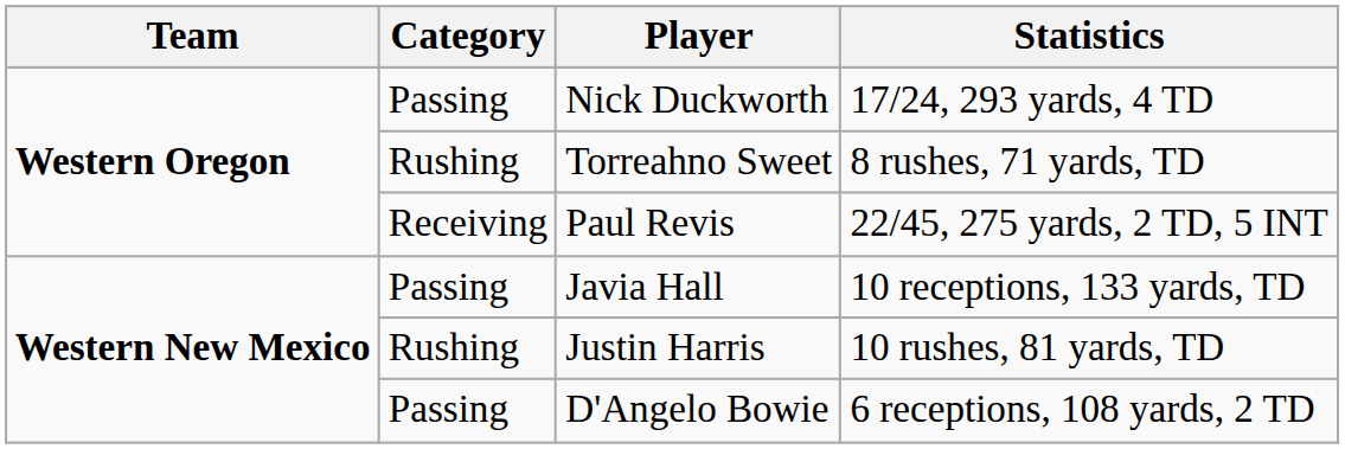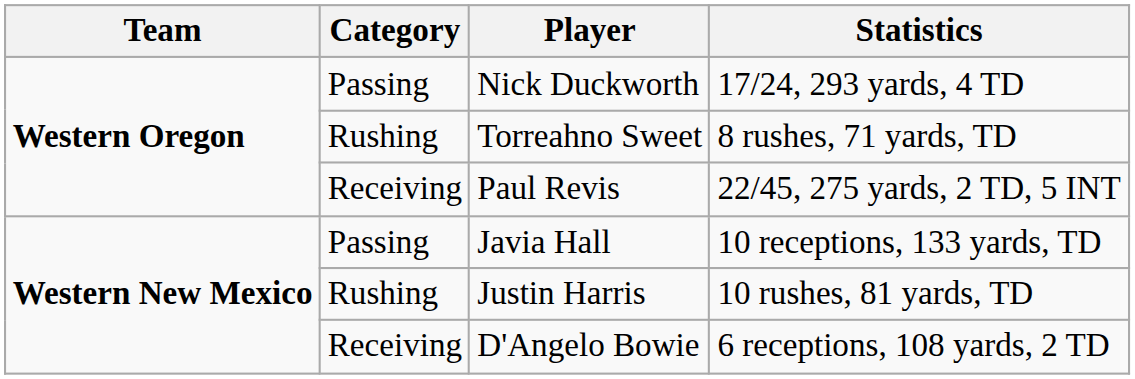 <table class="wikitable" style="float: left;">
 <tr>
 <th>Team</th>
 <th>Category</th>
 <th>Player</th>
 <th>Statistics</th>
 </tr>
 <tr>
 <td rowspan=3><strong>Western Oregon</strong></td>
 <td>Passing</td>
 <td>Nick Duckworth</td>
 <td>17/24, 293 yards, 4 TD</td>
 </tr>
 <tr>
 <td>Rushing</td>
 <td>Torreahno Sweet</td>
 <td>8 rushes, 71 yards, TD</td>
 </tr>
 <tr>
 <td>Receiving</td>
 <td>Paul Revis</td>
 <td>22/45, 275 yards, 2 TD, 5 INT</td>
 </tr>
 <tr>
 <td rowspan=3><strong>Western New Mexico</strong></td>
 <td>Passing</td>
 <td>Javia Hall</td>
 <td>10 receptions, 133 yards, TD</td>
 </tr>
 <tr>
 <td>Rushing</td>
 <td>Justin Harris</td>
 <td>10 rushes, 81 yards, TD</td>
 </tr>
 <tr>
-<td>Passing</td>
+<td>Receiving</td>
 <td>D'Angelo Bowie</td>
 <td>6 receptions, 108 yards, 2 TD</td>
 </tr>
 </table>
